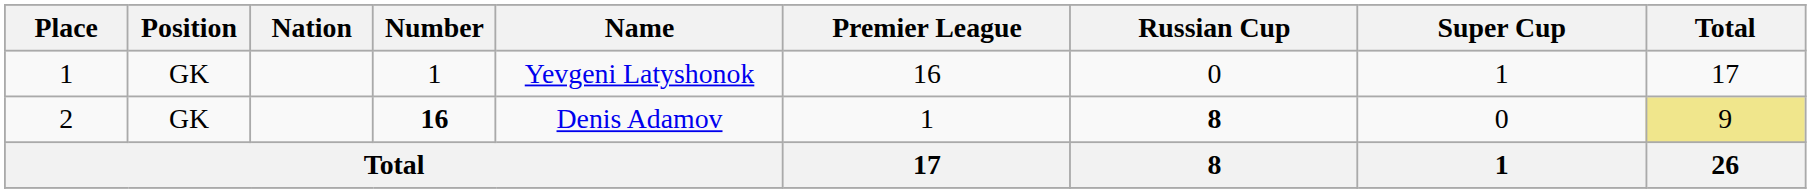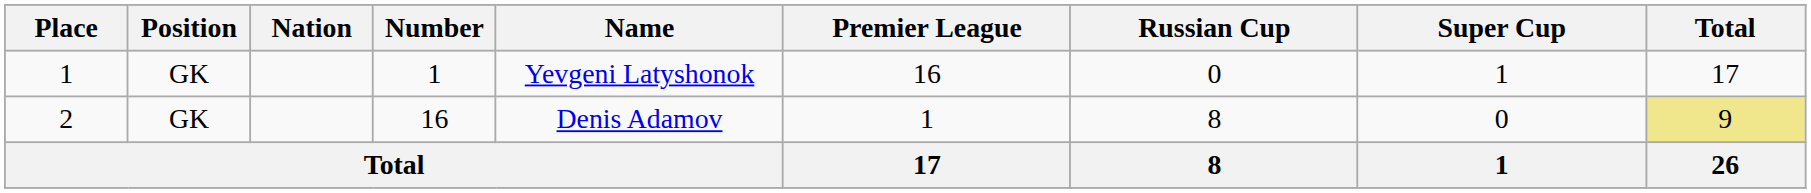 <table class="wikitable" style="font-size: 95%; text-align: center;">
 <tr>
 <th width=60>Place</th>
 <th width=60>Position</th>
 <th width=60>Nation</th>
 <th width=60>Number</th>
 <th width=150>Name</th>
 <th width=150>Premier League</th>
 <th width=150>Russian Cup</th>
 <th width=150>Super Cup</th>
 <th width=80>Total</th>
 </tr>
 <tr>
 <td>1</td>
 <td>GK</td>
 <td></td>
 <td>1</td>
 <td><a href='#'>Yevgeni Latyshonok</a></td>
 <td>16</td>
 <td>0</td>
 <td>1</td>
 <td>17</td>
 </tr>
 <tr>
 <td>2</td>
 <td>GK</td>
 <td></td>
-<td><strong>16</strong></td>
+<td>16</td>
 <td><a href='#'>Denis Adamov</a></td>
 <td>1</td>
-<td><strong>8</strong></td>
+<td>8</td>
 <td>0</td>
 <td style="background: khaki;">9</td>
 </tr>
 <tr>
 <th colspan=5>Total</th>
 <th>17</th>
 <th>8</th>
 <th>1</th>
 <th>26</th>
 </tr>
 </table>
